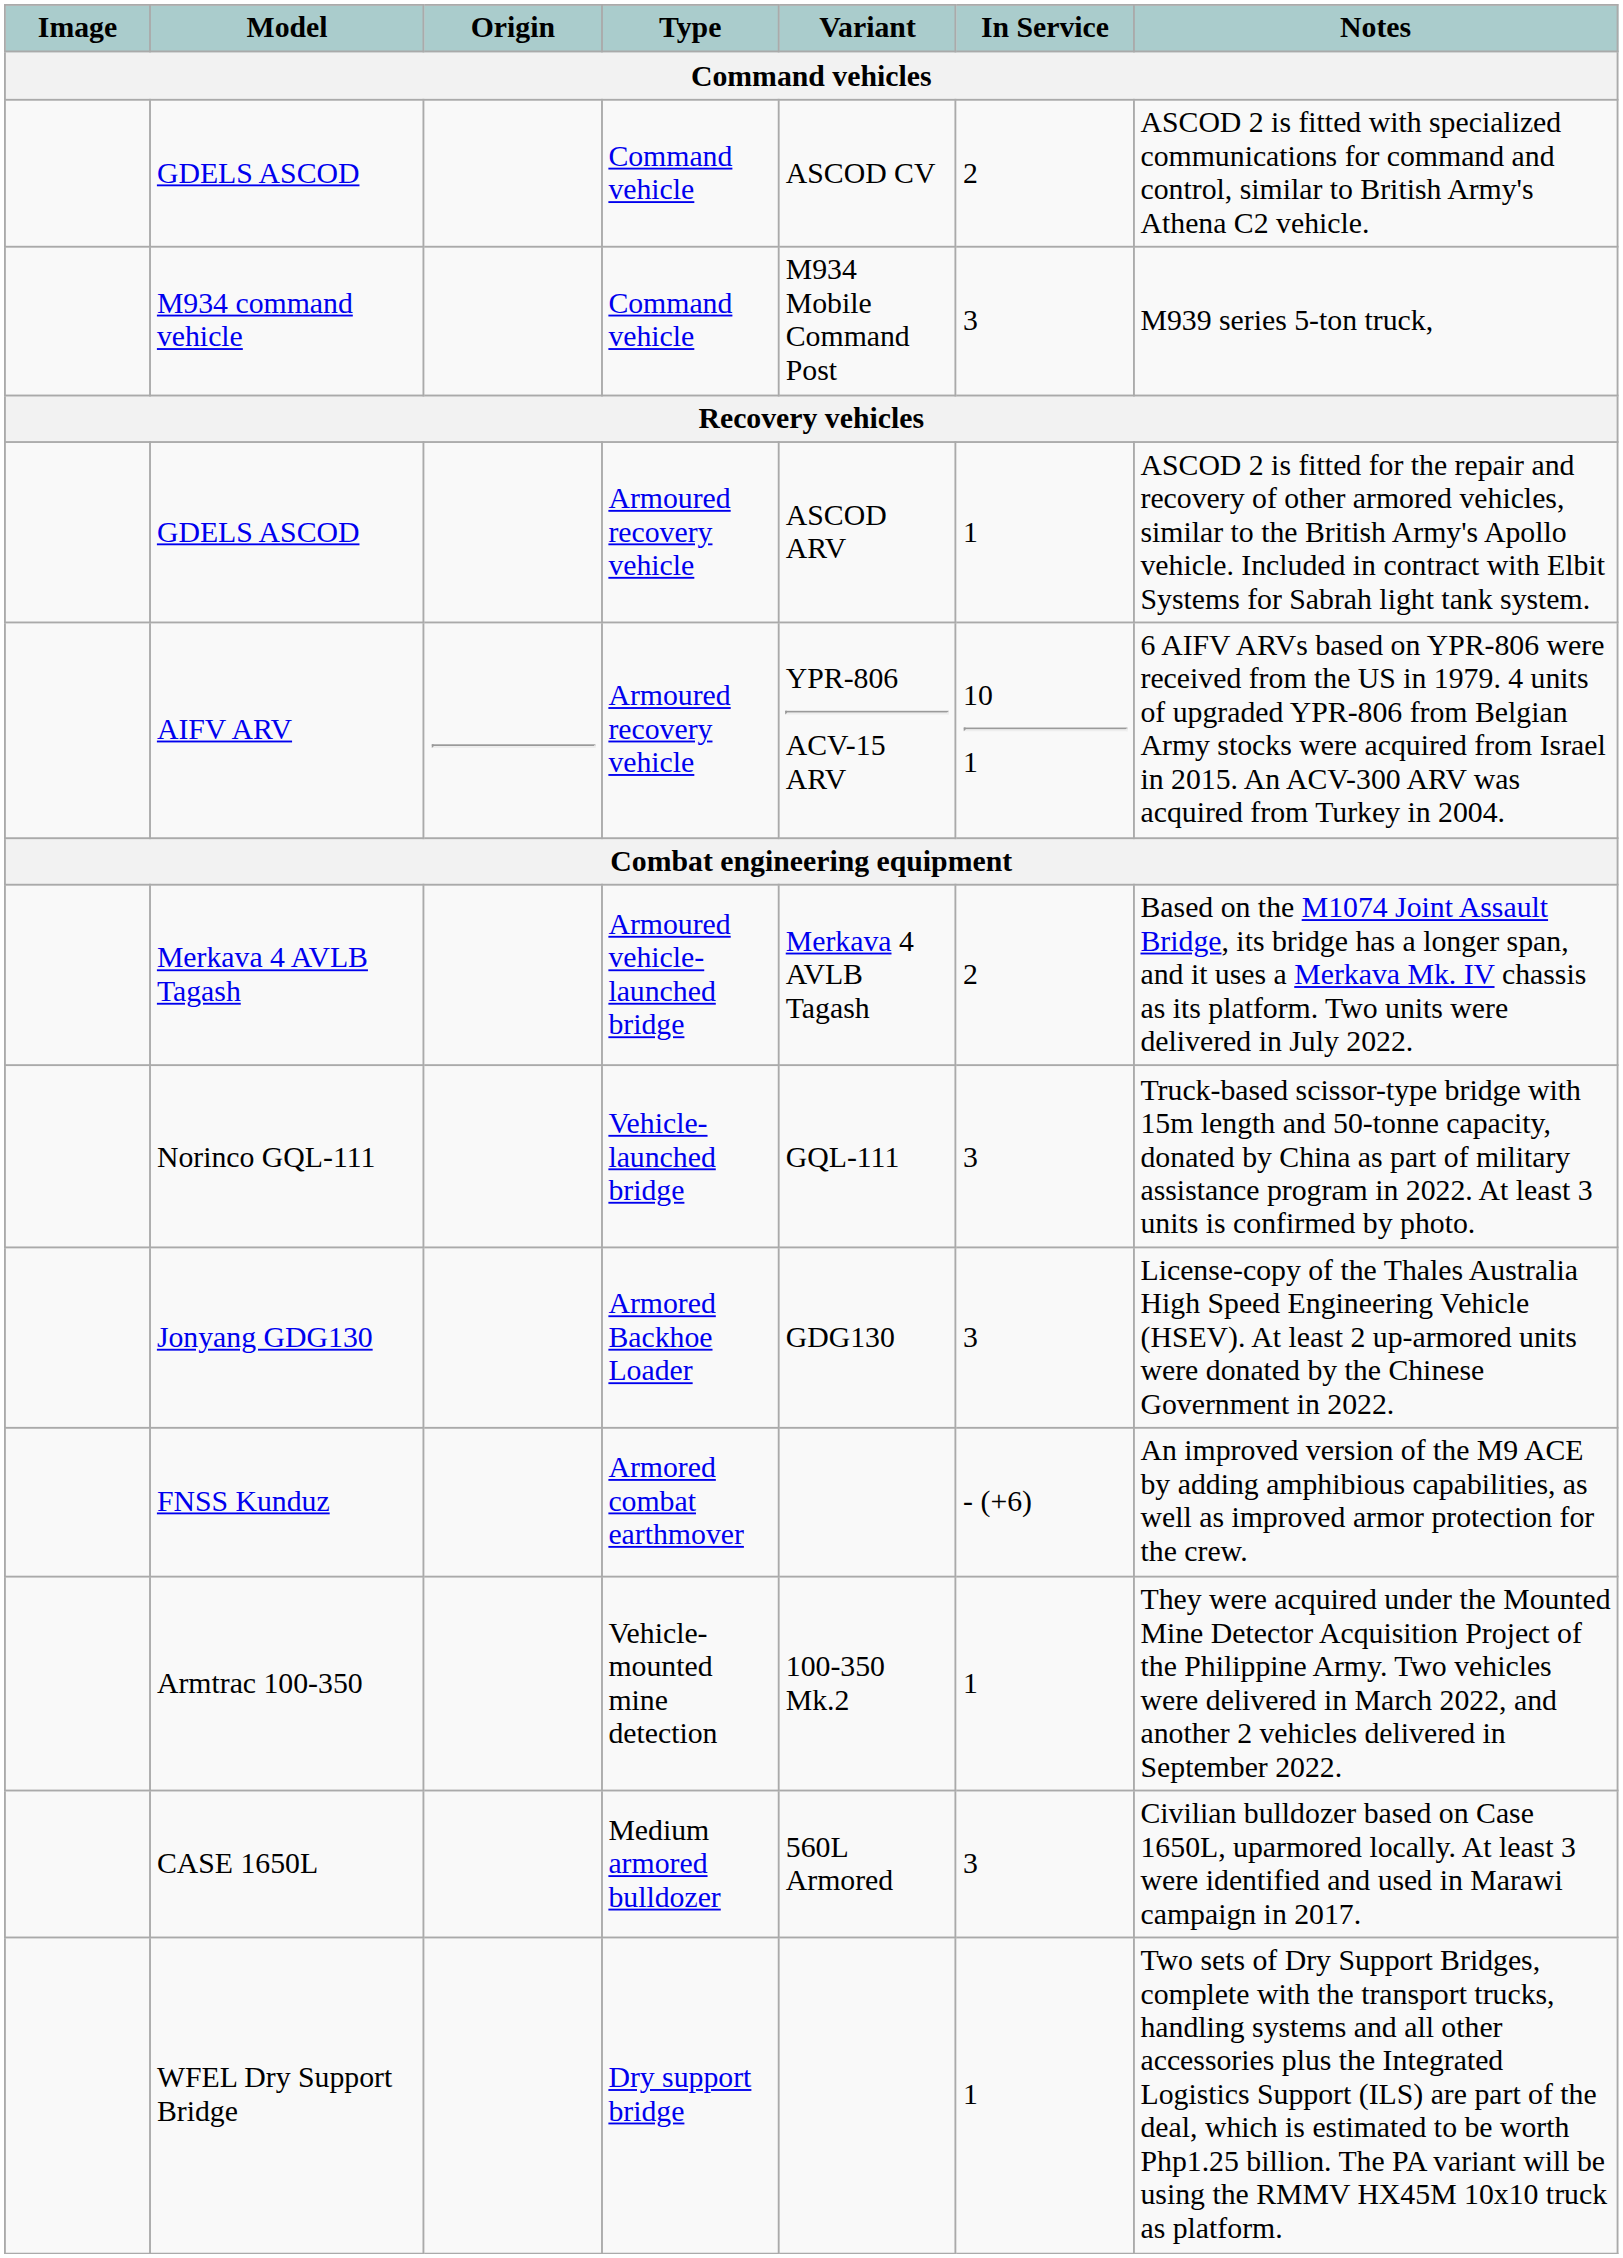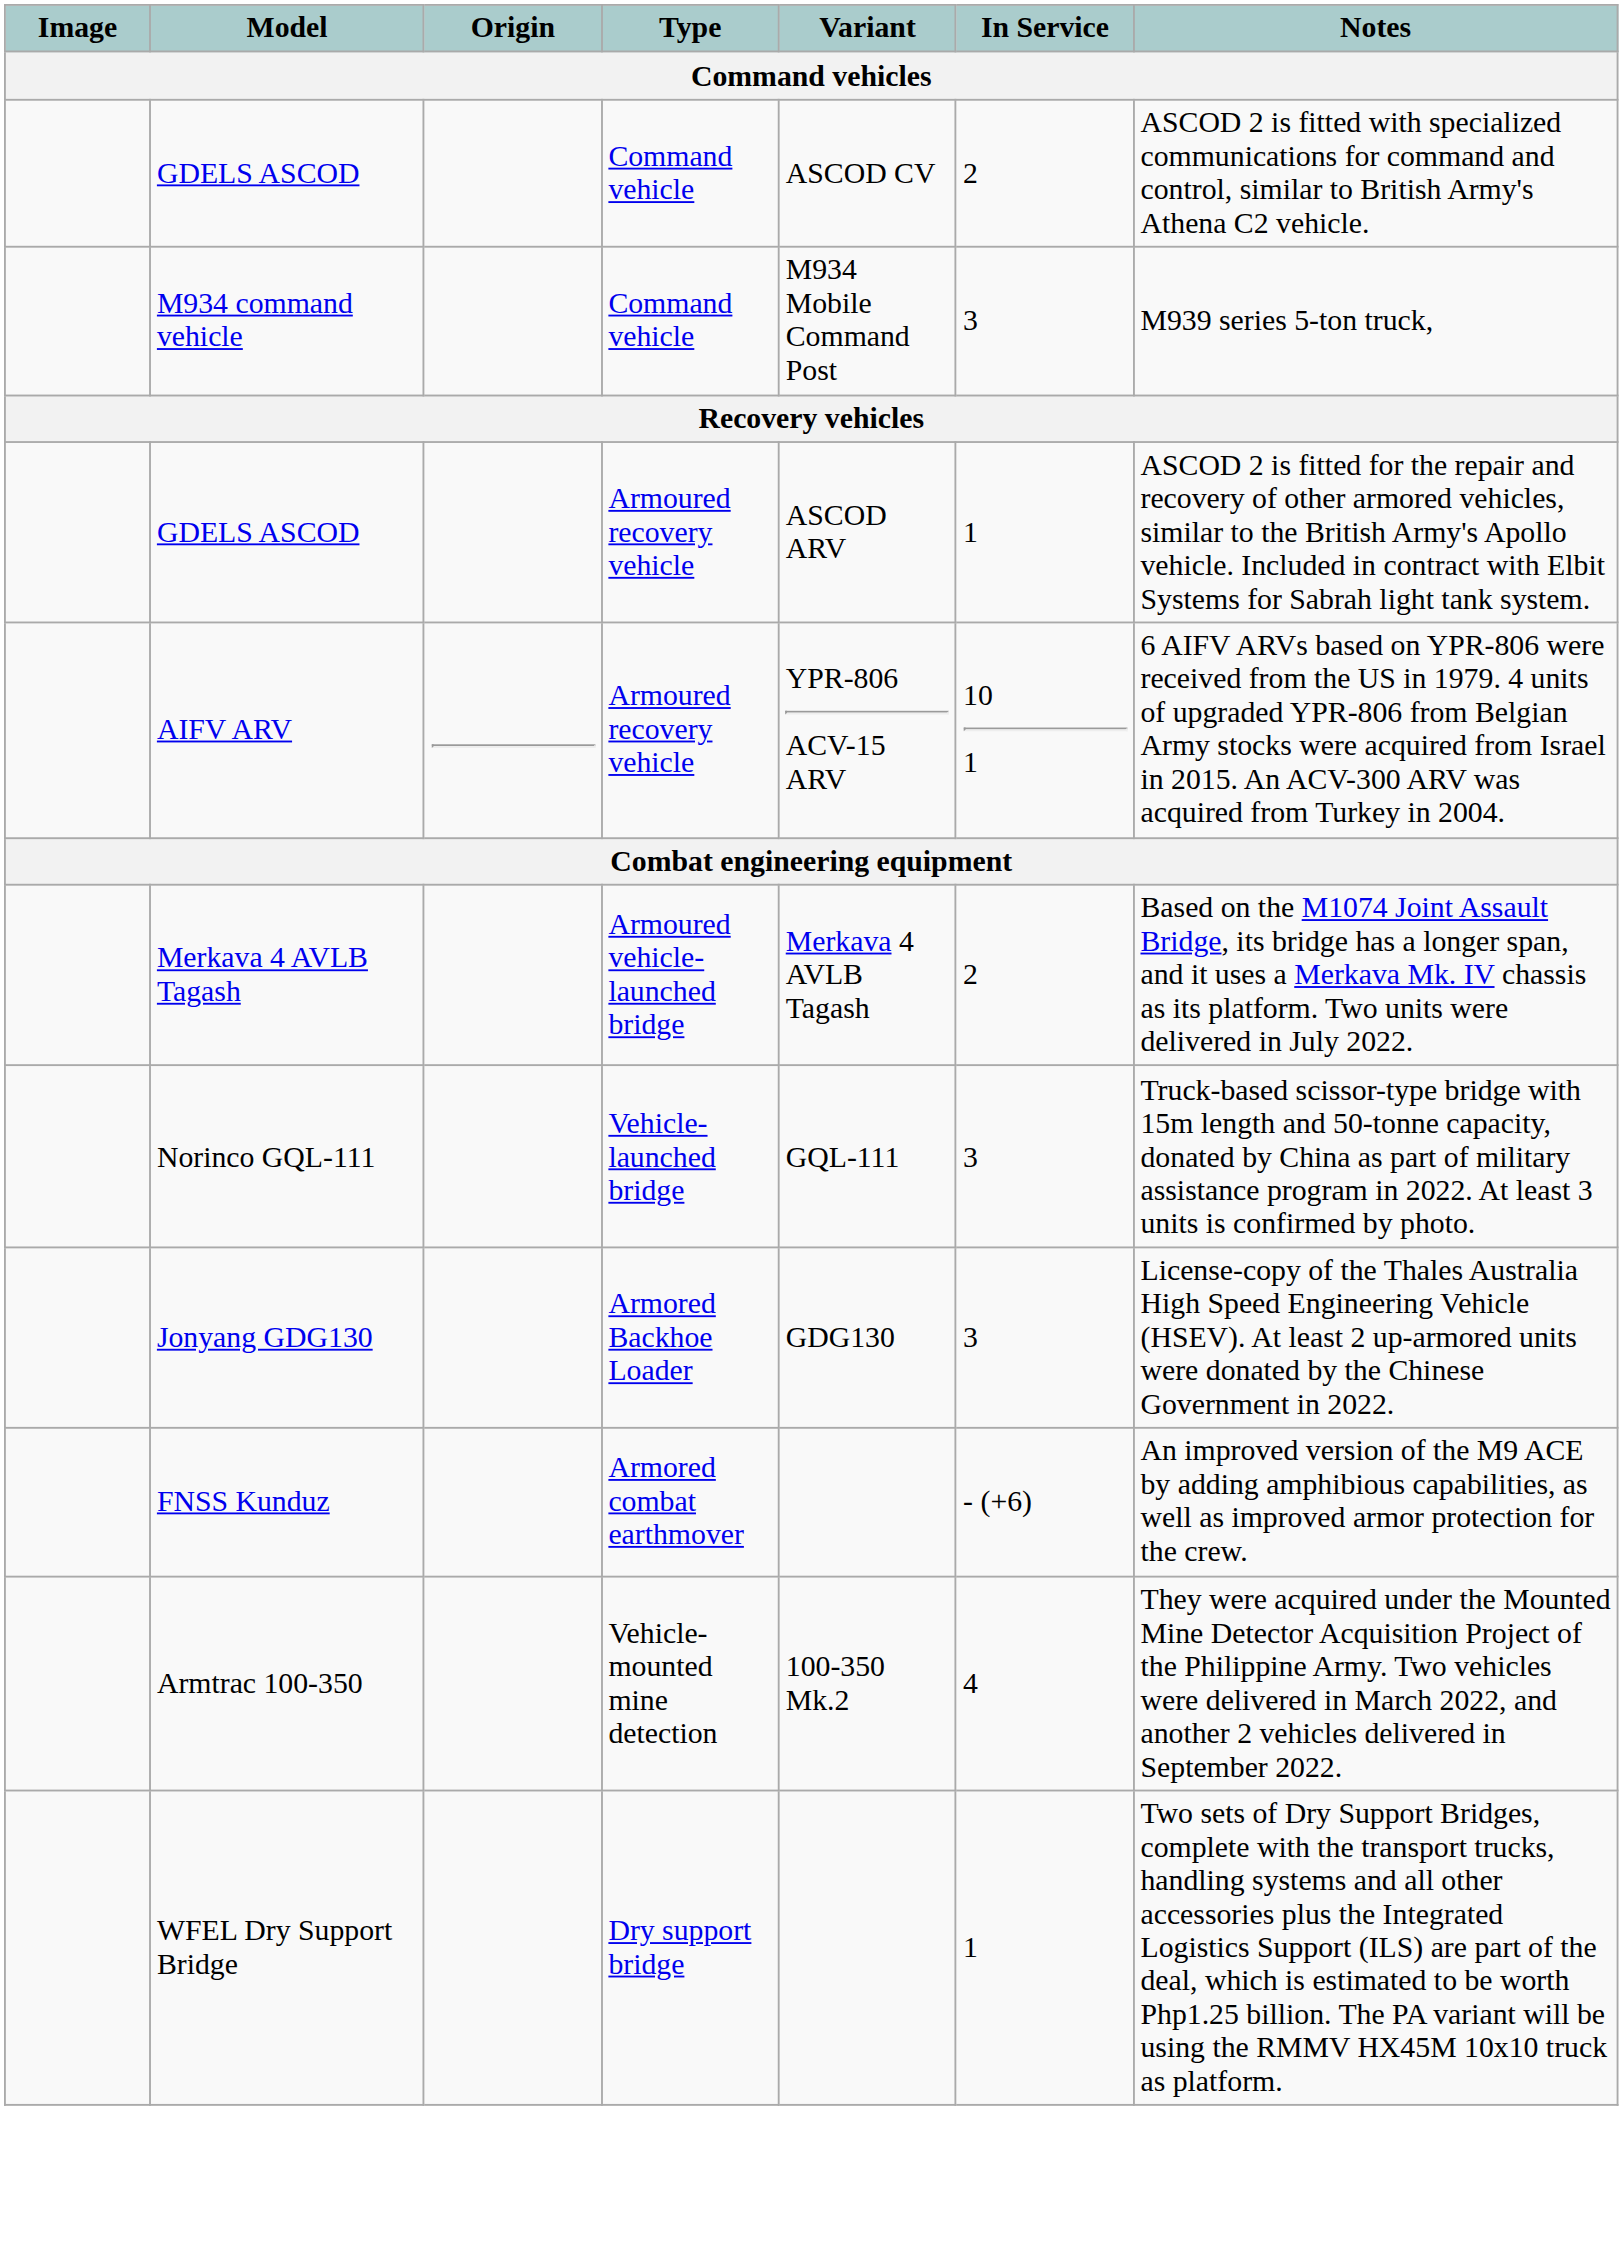 <table class="wikitable">
 <tr>
 <th style="text-align: center; background:#acc; width:9%;">Image</th>
 <th style="text-align: center; background:#acc; width:17%;">Model</th>
 <th style="text-align: center; background:#acc; width:11%;">Origin</th>
 <th style="text-align: center; background:#acc; width:11%;">Type</th>
 <th style="text-align: center; background:#acc; width:11%;">Variant</th>
 <th style="text-align: center; background:#acc; width:11%;">In Service</th>
 <th style="text-align: center; background:#acc; width:30%;">Notes</th>
 </tr>
 <tr>
 <th style="align: center;" colspan="7">Command vehicles</th>
 </tr>
 <tr>
 <td></td>
 <td><a href='#'>GDELS ASCOD</a></td>
 <td><br></td>
 <td><a href='#'>Command vehicle</a></td>
 <td>ASCOD CV</td>
 <td>2</td>
 <td>ASCOD 2 is fitted with specialized communications for command and control, similar to British Army's Athena C2 vehicle.</td>
 </tr>
 <tr>
 <td></td>
 <td><a href='#'>M934 command vehicle</a></td>
 <td></td>
 <td><a href='#'>Command vehicle</a></td>
 <td>M934 Mobile Command Post</td>
 <td>3</td>
 <td>M939 series 5-ton truck,</td>
 </tr>
 <tr>
 <th style="align: center;" colspan="7">Recovery vehicles</th>
 </tr>
 <tr>
 <td></td>
 <td><a href='#'>GDELS ASCOD</a></td>
 <td><br></td>
 <td><a href='#'>Armoured recovery vehicle</a></td>
 <td>ASCOD ARV</td>
 <td>1</td>
 <td>ASCOD 2 is fitted for the repair and recovery of other armored vehicles, similar to the British Army's Apollo vehicle. Included in contract with Elbit Systems for Sabrah light tank system.</td>
 </tr>
 <tr>
 <td></td>
 <td><a href='#'>AIFV ARV</a></td>
 <td><br><hr></td>
 <td><a href='#'>Armoured recovery vehicle</a></td>
 <td>YPR-806<hr>ACV-15 ARV</td>
 <td>10<hr>1</td>
 <td>6 AIFV ARVs based on YPR-806 were received from the US in 1979. 4 units of upgraded YPR-806 from Belgian Army stocks were acquired from Israel in 2015. An ACV-300 ARV was acquired from Turkey in 2004.</td>
 </tr>
 <tr>
 <th style="align: center;" colspan="7">Combat engineering equipment</th>
 </tr>
 <tr>
 <td></td>
 <td><a href='#'>Merkava 4 AVLB Tagash</a></td>
 <td></td>
 <td><a href='#'>Armoured vehicle-launched bridge</a></td>
 <td><a href='#'>Merkava</a> 4 AVLB Tagash</td>
 <td>2</td>
 <td>Based on the <a href='#'>M1074 Joint Assault Bridge</a>, its bridge has a longer span, and it uses a <a href='#'>Merkava Mk. IV</a> chassis as its platform. Two units were delivered in July 2022.</td>
 </tr>
 <tr>
 <td></td>
 <td>Norinco GQL-111</td>
 <td></td>
 <td><a href='#'>Vehicle-launched bridge</a></td>
 <td>GQL-111</td>
 <td>3</td>
 <td>Truck-based scissor-type bridge with 15m length and 50-tonne capacity, donated by China as part of military assistance program in 2022. At least 3 units is confirmed by photo.</td>
 </tr>
 <tr>
 <td></td>
 <td><a href='#'>Jonyang GDG130</a></td>
 <td></td>
 <td><a href='#'>Armored Backhoe Loader</a></td>
 <td>GDG130</td>
 <td>3</td>
 <td>License-copy of the Thales Australia High Speed Engineering Vehicle (HSEV). At least 2 up-armored units were donated by the Chinese Government in 2022.</td>
 </tr>
 <tr>
 <td></td>
 <td><a href='#'>FNSS Kunduz</a></td>
 <td></td>
 <td><a href='#'>Armored combat earthmover</a></td>
 <td></td>
 <td>- (+6)</td>
 <td>An improved version of the M9 ACE by adding amphibious capabilities, as well as improved armor protection for the crew.</td>
 </tr>
 <tr>
 <td></td>
 <td>Armtrac 100-350</td>
 <td></td>
 <td>Vehicle-mounted mine detection</td>
 <td>100-350 Mk.2</td>
-<td>1</td>
+<td>4</td>
 <td>They were acquired under the Mounted Mine Detector Acquisition Project of the Philippine Army. Two vehicles were delivered in March 2022, and another 2 vehicles delivered in September 2022.</td>
-</tr>
-<tr>
-<td></td>
-<td>CASE 1650L</td>
-<td></td>
-<td>Medium <a href='#'>armored bulldozer</a></td>
-<td>560L Armored</td>
-<td>3</td>
-<td>Civilian bulldozer based on Case 1650L, uparmored locally. At least 3 were identified and used in Marawi campaign in 2017.</td>
 </tr>
 <tr>
 <td></td>
 <td>WFEL Dry Support Bridge</td>
 <td></td>
 <td><a href='#'>Dry support bridge</a></td>
 <td></td>
 <td>1</td>
 <td>Two sets of Dry Support Bridges, complete with the transport trucks, handling systems and all other accessories plus the Integrated Logistics Support (ILS) are part of the deal, which is estimated to be worth Php1.25 billion. The PA variant will be using the RMMV HX45M 10x10 truck as platform.</td>
 </tr>
 </table>
